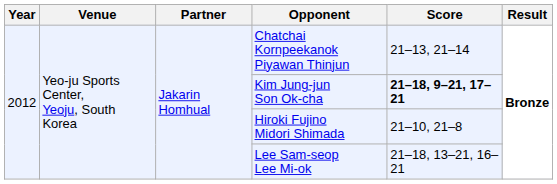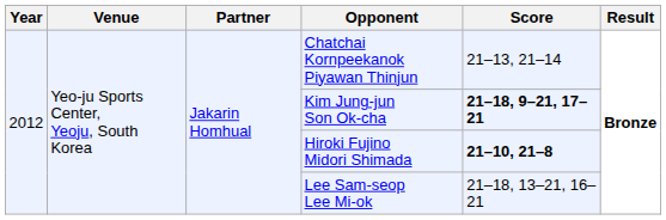 <table class="sortable wikitable" style="font-size: 90%;">
 <tr>
 <th>Year</th>
 <th>Venue</th>
 <th>Partner</th>
 <th>Opponent</th>
 <th>Score</th>
 <th>Result</th>
 </tr>
 <tr style="background:#ECF2FF">
 <td rowspan="4" align="center">2012</td>
 <td rowspan="4" align="left">Yeo-ju Sports Center,<br><a href='#'>Yeoju</a>, South Korea</td>
 <td rowspan="4" align="left"> <a href='#'>Jakarin Homhual</a></td>
 <td align="left"> <a href='#'>Chatchai Kornpeekanok</a><br> <a href='#'>Piyawan Thinjun</a></td>
 <td align="left">21–13, 21–14</td>
 <td rowspan="4" style="text-align:left; background:white"> <strong>Bronze</strong></td>
 </tr>
 <tr style="background:#ECF2FF">
 <td align="left"> <a href='#'>Kim Jung-jun</a><br> <a href='#'>Son Ok-cha</a></td>
 <td align="left"><strong>21–18, 9–21, 17–21</strong></td>
 </tr>
 <tr style="background:#ECF2FF">
 <td align="left"> <a href='#'>Hiroki Fujino</a><br> <a href='#'>Midori Shimada</a></td>
-<td align="left">21–10, 21–8</td>
+<td align="left"><strong>21–10, 21–8</strong></td>
 </tr>
 <tr style="background:#ECF2FF">
 <td align="left"> <a href='#'>Lee Sam-seop</a><br> <a href='#'>Lee Mi-ok</a></td>
 <td align="left">21–18, 13–21, 16–21</td>
 </tr>
 </table>
